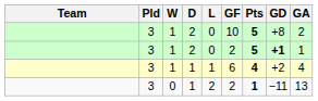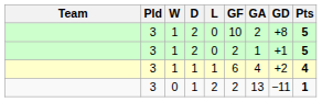 <table class="wikitable" style="text-align:center;">
 <tr>
 <th width=180>Team</th>
 <th width=20>Pld</th>
 <th width=20>W</th>
 <th width=20>D</th>
 <th width=20>L</th>
 <th width=20>GF</th>
+<th width=20>GA</th>
+<th width=20>GD</th>
 <th width=20>Pts</th>
-<th width=20>GD</th>
-<th width=20>GA</th>
 </tr>
 <tr align=center style="background:#ccffcc;">
 <td style="text-align:left;"></td>
 <td>3</td>
 <td>1</td>
 <td>2</td>
 <td>0</td>
 <td>10</td>
+<td>2</td>
+<td>+8</td>
 <td><strong>5</strong></td>
-<td>+8</td>
-<td>2</td>
 </tr>
 <tr align=center style="background:#ccffcc;">
 <td style="text-align:left;"></td>
 <td>3</td>
 <td>1</td>
 <td>2</td>
 <td>0</td>
 <td>2</td>
+<td>1</td>
+<td>+1</td>
 <td><strong>5</strong></td>
-<td><strong>+1</strong></td>
-<td>1</td>
 </tr>
 <tr align=center style="background:#ffffcc;">
 <td style="text-align:left;"></td>
 <td>3</td>
 <td>1</td>
 <td>1</td>
 <td>1</td>
 <td>6</td>
+<td>4</td>
+<td>+2</td>
 <td><strong>4</strong></td>
-<td>+2</td>
-<td>4</td>
 </tr>
 <tr align=center>
 <td style="text-align:left;"></td>
 <td>3</td>
 <td>0</td>
 <td>1</td>
 <td>2</td>
 <td>2</td>
+<td>13</td>
+<td>−11</td>
 <td><strong>1</strong></td>
-<td>−11</td>
-<td>13</td>
 </tr>
 </table>
